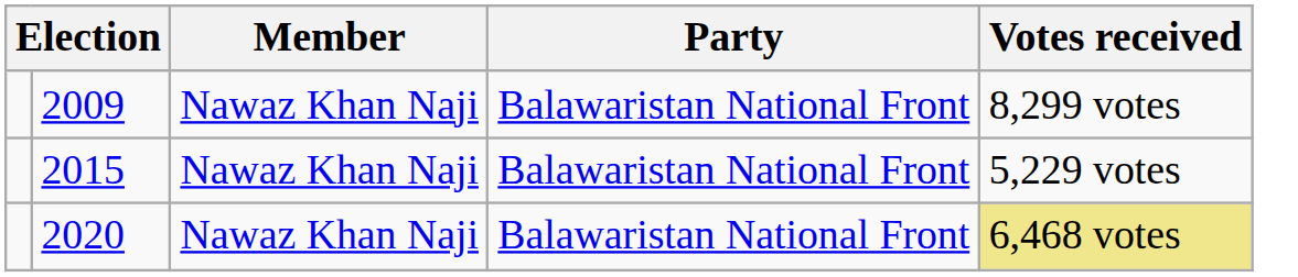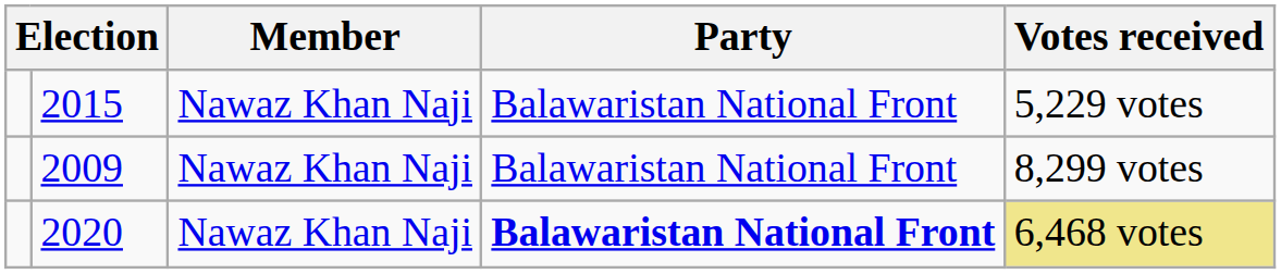 <table class="wikitable">
 <tr>
 <th colspan="2">Election</th>
 <th>Member</th>
 <th>Party</th>
 <th>Votes received</th>
+</tr>
+<tr>
+<td style="background-color:"></td>
+<td><a href='#'>2015</a></td>
+<td><a href='#'>Nawaz Khan Naji</a></td>
+<td><a href='#'>Balawaristan National Front</a></td>
+<td>5,229 votes</td>
 </tr>
 <tr>
 <td style="background-color:"></td>
 <td><a href='#'>2009</a></td>
 <td><a href='#'>Nawaz Khan Naji</a></td>
 <td><a href='#'>Balawaristan National Front</a></td>
 <td>8,299 votes</td>
 </tr>
 <tr>
 <td style="background-color:"></td>
-<td><a href='#'>2015</a></td>
-<td><a href='#'>Nawaz Khan Naji</a></td>
-<td><a href='#'>Balawaristan National Front</a></td>
-<td>5,229 votes</td>
-</tr>
-<tr>
-<td style="background-color:"></td>
 <td><a href='#'>2020</a></td>
 <td><a href='#'>Nawaz Khan Naji</a></td>
-<td><a href='#'>Balawaristan National Front</a></td>
+<td><strong><a href='#'>Balawaristan National Front</a></strong></td>
 <td style="background: khaki;">6,468 votes</td>
 </tr>
 </table>
